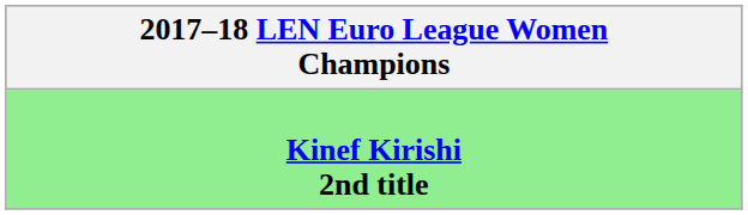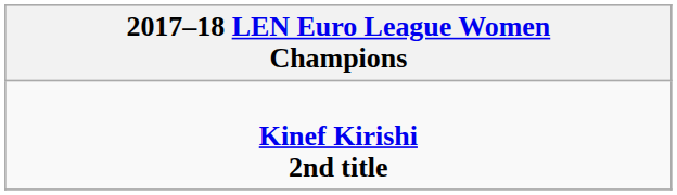 <table class="wikitable" style="margin: 0 auto; width: 30%;">
 <tr>
 <th>2017–18 <a href='#'>LEN Euro League Women</a><br>Champions</th>
 </tr>
 <tr>
-<td align="center" style="background: lightgreen;"><br><strong><a href='#'>Kinef Kirishi</a></strong><br><strong>2nd title</strong></td>
+<td align="center"><br><strong><a href='#'>Kinef Kirishi</a></strong><br><strong>2nd title</strong></td>
 </tr>
 </table>
